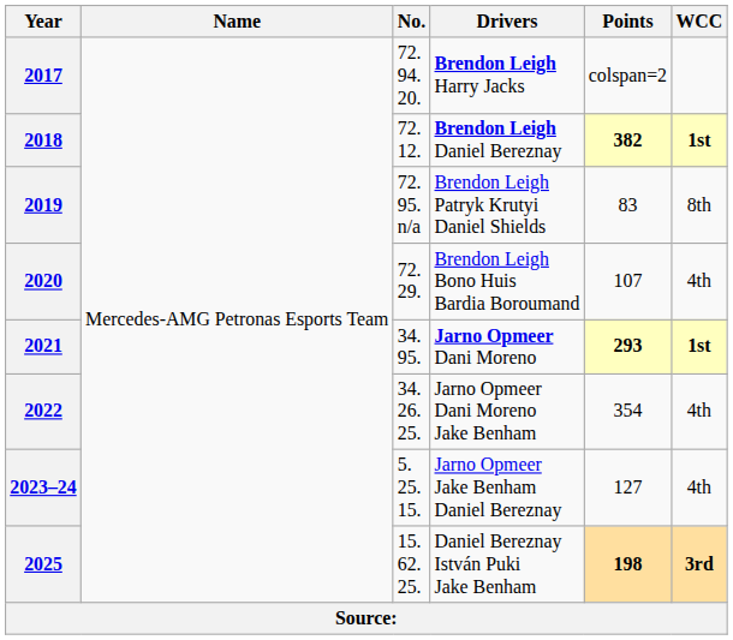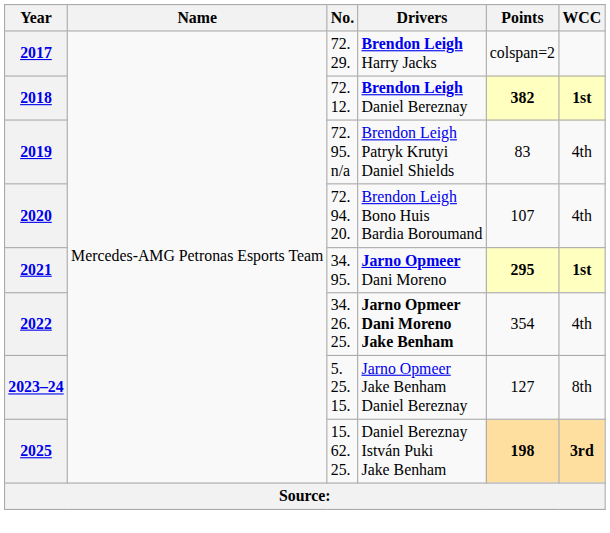 <table class="wikitable" style="font-size: 90%;">
 <tr>
 <th>Year</th>
 <th>Name</th>
 <th>No.</th>
 <th>Drivers</th>
 <th>Points</th>
 <th>WCC</th>
 </tr>
 <tr>
 <th><a href='#'>2017</a></th>
 <td rowspan=8> Mercedes-AMG Petronas Esports Team</td>
-<td>72.<br>94.<br>20.</td>
+<td>72.<br>29.</td>
 <td> <strong><a href='#'>Brendon Leigh</a></strong><br> Harry Jacks</td>
 <td>colspan=2 </td>
 </tr>
 <tr>
 <th><a href='#'>2018</a></th>
 <td>72.<br>12.</td>
 <td> <strong><a href='#'>Brendon Leigh</a></strong><br> Daniel Bereznay</td>
 <td align="center" style="background:#ffffbf;"><strong>382</strong></td>
 <td align="center" style="background:#ffffbf;"><strong>1st</strong></td>
 </tr>
 <tr>
 <th><a href='#'>2019</a></th>
 <td>72.<br>95.<br>n/a</td>
 <td> <a href='#'>Brendon Leigh</a><br> Patryk Krutyi<br> Daniel Shields</td>
 <td align="center">83</td>
-<td align="center">8th</td>
+<td align="center">4th</td>
 </tr>
 <tr>
 <th><a href='#'>2020</a></th>
-<td>72.<br>29.</td>
+<td>72.<br>94.<br>20.</td>
 <td> <a href='#'>Brendon Leigh</a><br> Bono Huis<br> Bardia Boroumand</td>
 <td align="center">107</td>
 <td align="center">4th</td>
 </tr>
 <tr>
 <th><a href='#'>2021</a></th>
 <td>34.<br>95.</td>
 <td> <strong><a href='#'>Jarno Opmeer</a></strong><br> Dani Moreno</td>
-<td align="center" style="background:#ffffbf;"><strong>293</strong></td>
+<td align="center" style="background:#ffffbf;"><strong>295</strong></td>
 <td align="center" style="background:#ffffbf;"><strong>1st</strong></td>
 </tr>
 <tr>
 <th><a href='#'>2022</a></th>
 <td>34.<br>26.<br>25.</td>
-<td> Jarno Opmeer<br> Dani Moreno<br> Jake Benham</td>
+<td><strong> Jarno Opmeer<br> Dani Moreno<br> Jake Benham</strong></td>
 <td align="center">354</td>
 <td align="center">4th</td>
 </tr>
 <tr>
 <th><a href='#'>2023–24</a></th>
 <td>5.<br>25.<br>15.</td>
 <td> <a href='#'>Jarno Opmeer</a><br> Jake Benham<br> Daniel Bereznay</td>
 <td align="center">127</td>
-<td align="center">4th</td>
+<td align="center">8th</td>
 </tr>
 <tr>
 <th><a href='#'>2025</a></th>
 <td>15.<br>62.<br>25.</td>
 <td> Daniel Bereznay<br> István Puki<br> Jake Benham</td>
 <td align="center" style="background:#ffdf9f;"><strong>198</strong></td>
 <td align="center" style="background:#ffdf9f;"><strong>3rd</strong></td>
 </tr>
 <tr>
 <th colspan="9">Source:</th>
 </tr>
 </table>
